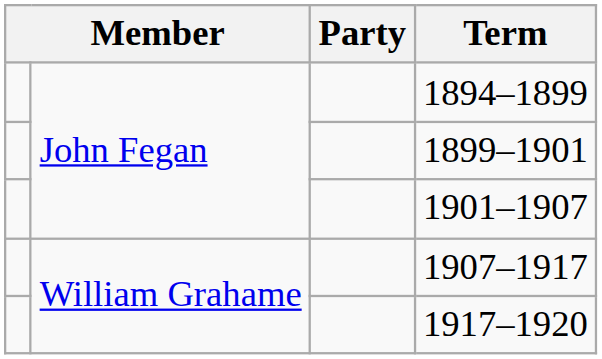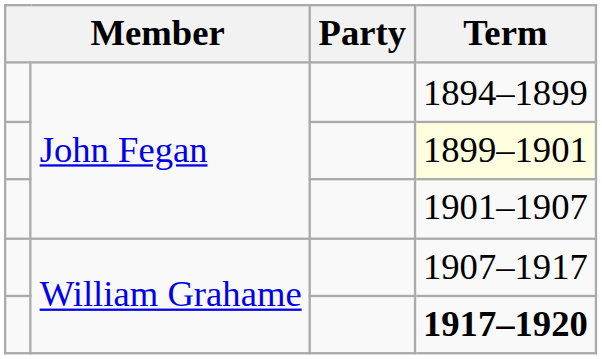 <table class="wikitable">
 <tr>
 <th colspan="2">Member</th>
 <th>Party</th>
 <th>Term</th>
 </tr>
 <tr>
 <td> </td>
 <td rowspan="3"><a href='#'>John Fegan</a></td>
 <td></td>
 <td>1894–1899</td>
 </tr>
 <tr>
 <td> </td>
 <td></td>
-<td>1899–1901</td>
+<td style="background: lightyellow;">1899–1901</td>
 </tr>
 <tr>
 <td> </td>
 <td></td>
 <td>1901–1907</td>
 </tr>
 <tr>
 <td> </td>
 <td rowspan="2"><a href='#'>William Grahame</a></td>
 <td></td>
 <td>1907–1917</td>
 </tr>
 <tr>
 <td> </td>
 <td></td>
-<td>1917–1920</td>
+<td><strong>1917–1920</strong></td>
 </tr>
 </table>
